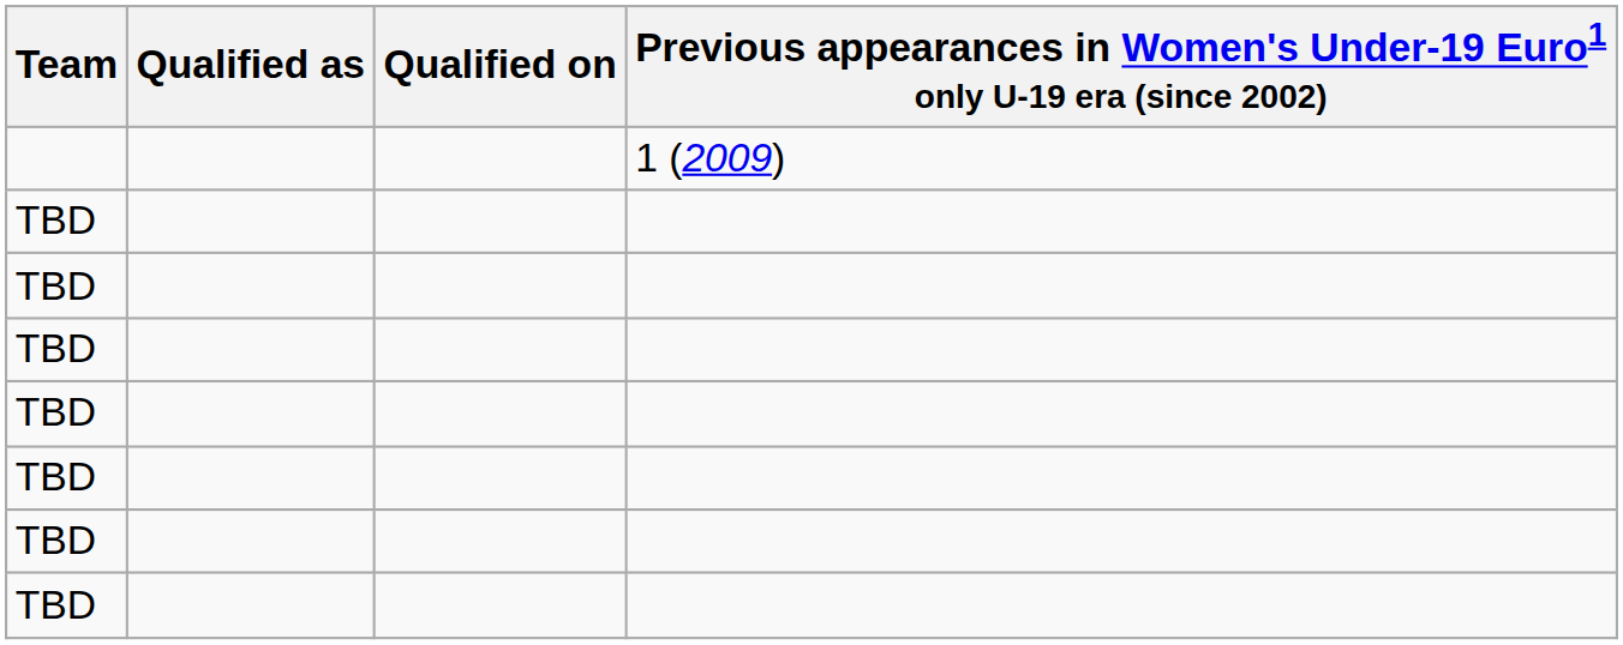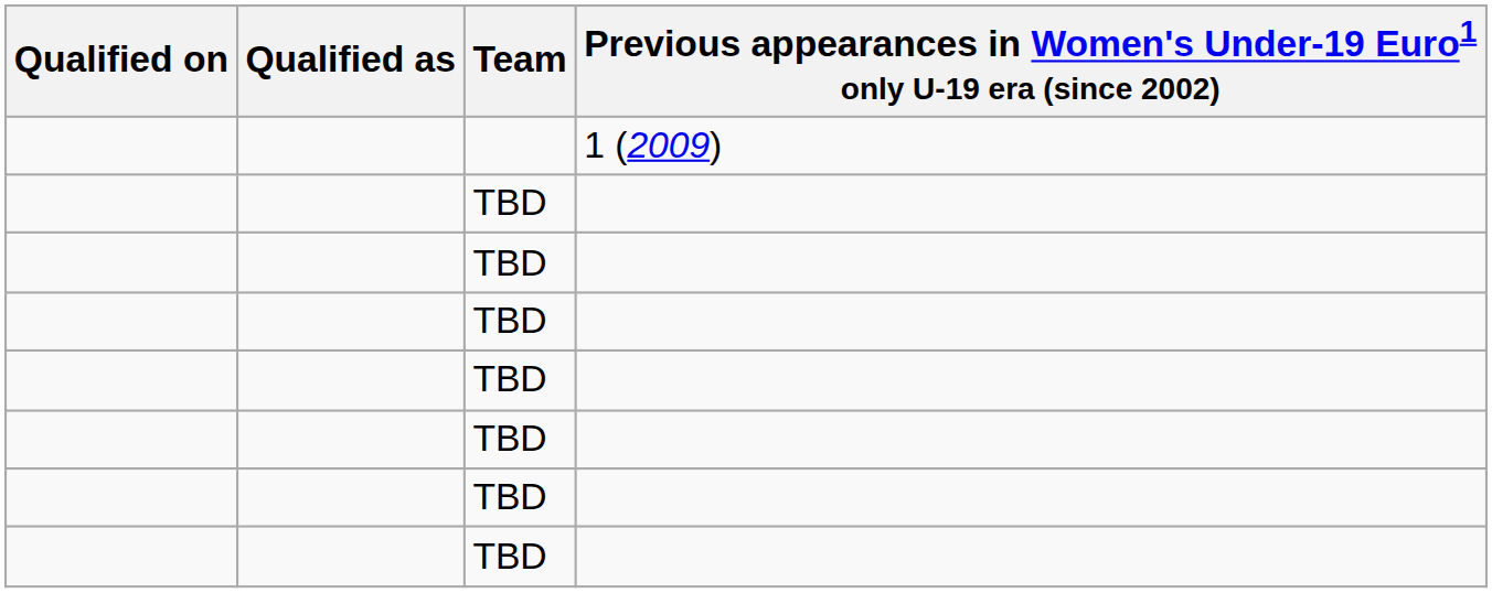 <table class="wikitable sortable">
 <tr>
+<th>Qualified on</th>
+<th>Qualified as</th>
 <th>Team</th>
-<th>Qualified as</th>
-<th>Qualified on</th>
 <th data-sort-type="number">Previous appearances in <a href='#'>Women's Under-19 Euro</a><sup><a href='#'>1</a></sup><br><small>only U-19 era (since 2002)</small></th>
 </tr>
 <tr>
 <td></td>
 <td></td>
 <td></td>
 <td>1 (<em><a href='#'>2009</a></em>)</td>
 </tr>
 <tr>
-<td>TBD</td>
 <td></td>
 <td></td>
+<td>TBD</td>
 <td></td>
 </tr>
 <tr>
-<td>TBD</td>
 <td></td>
 <td></td>
+<td>TBD</td>
 <td></td>
 </tr>
 <tr>
-<td>TBD</td>
 <td></td>
 <td></td>
+<td>TBD</td>
 <td></td>
 </tr>
 <tr>
-<td>TBD</td>
 <td></td>
 <td></td>
+<td>TBD</td>
 <td></td>
 </tr>
 <tr>
-<td>TBD</td>
 <td></td>
 <td></td>
+<td>TBD</td>
 <td></td>
 </tr>
 <tr>
-<td>TBD</td>
 <td></td>
 <td></td>
+<td>TBD</td>
 <td></td>
 </tr>
 <tr>
-<td>TBD</td>
 <td></td>
 <td></td>
+<td>TBD</td>
 <td></td>
 </tr>
 </table>
